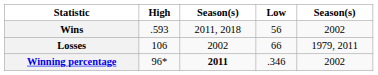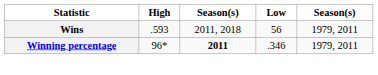 <table class="wikitable sortable plainrowheaders" style="text-align:center">
 <tr>
 <th width="200px" scope="col" style="background-color:#ffffff; border-top:#">Statistic</th>
 <th width="55px" class="unsortable" scope="col" style="background-color:#ffffff; border-top:#">High</th>
 <th width="110px" scope="col" style="background-color:#ffffff; border-top:#">Season(s)</th>
 <th width="55px" class="unsortable" scope="col" style="background-color:#ffffff; border-top:#">Low</th>
 <th width="110px" scope="col" style="background-color:#ffffff; border-top:#">Season(s)</th>
 </tr>
 <tr>
 <th scope="row" style="text-align:center">Wins</th>
 <td>.593</td>
 <td>2011, 2018</td>
 <td>56</td>
-<td>2002</td>
-</tr>
-<tr>
-<th scope="row" style="text-align:center">Losses</th>
-<td>106</td>
-<td>2002</td>
-<td>66</td>
 <td>1979, 2011</td>
 </tr>
 <tr>
 <th scope="row" style="text-align:center"><a href='#'>Winning percentage</a></th>
 <td>96*</td>
 <td><strong>2011</strong></td>
 <td>.346</td>
-<td>2002</td>
+<td>1979, 2011</td>
 </tr>
 </table>
